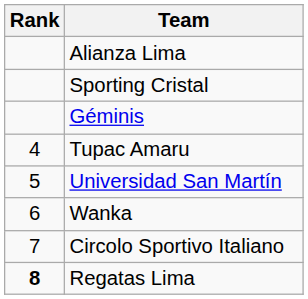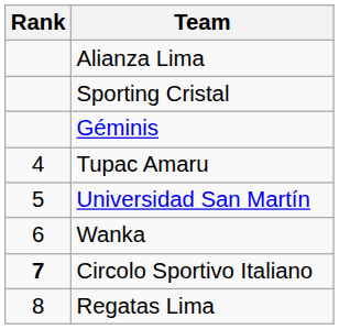 <table class="wikitable" style="text-align: center;">
 <tr>
 <th width=40>Rank</th>
 <th width=180>Team</th>
 </tr>
 <tr align=center>
 <td></td>
 <td style="text-align:left;">Alianza Lima</td>
 </tr>
 <tr align=center>
 <td></td>
 <td style="text-align:left;">Sporting Cristal</td>
 </tr>
 <tr align=center>
 <td></td>
 <td style="text-align:left;"><a href='#'>Géminis</a></td>
 </tr>
 <tr align=center>
 <td>4</td>
 <td style="text-align:left;">Tupac Amaru</td>
 </tr>
 <tr align=center>
 <td>5</td>
 <td style="text-align:left;"><a href='#'>Universidad San Martín</a></td>
 </tr>
 <tr align=center>
 <td>6</td>
 <td style="text-align:left;">Wanka</td>
 </tr>
 <tr align=center>
-<td>7</td>
+<td><strong>7</strong></td>
 <td style="text-align:left;">Circolo Sportivo Italiano</td>
 </tr>
 <tr align=center>
-<td><strong>8</strong></td>
+<td>8</td>
 <td style="text-align:left;">Regatas Lima</td>
 </tr>
 </table>
